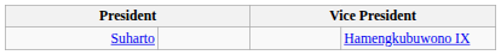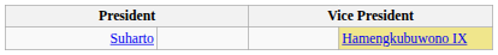 <table class="wikitable">
 <tr>
 <th colspan="2" width=270>President</th>
 <th colspan="2" width=270>Vice President</th>
 </tr>
 <tr>
 <td align="right"><a href='#'>Suharto</a></td>
 <td align="center" width=97></td>
 <td align="center" width=95></td>
-<td align="left"><a href='#'>Hamengkubuwono IX</a></td>
+<td align="left" style="background: khaki;"><a href='#'>Hamengkubuwono IX</a></td>
 </tr>
 </table>
